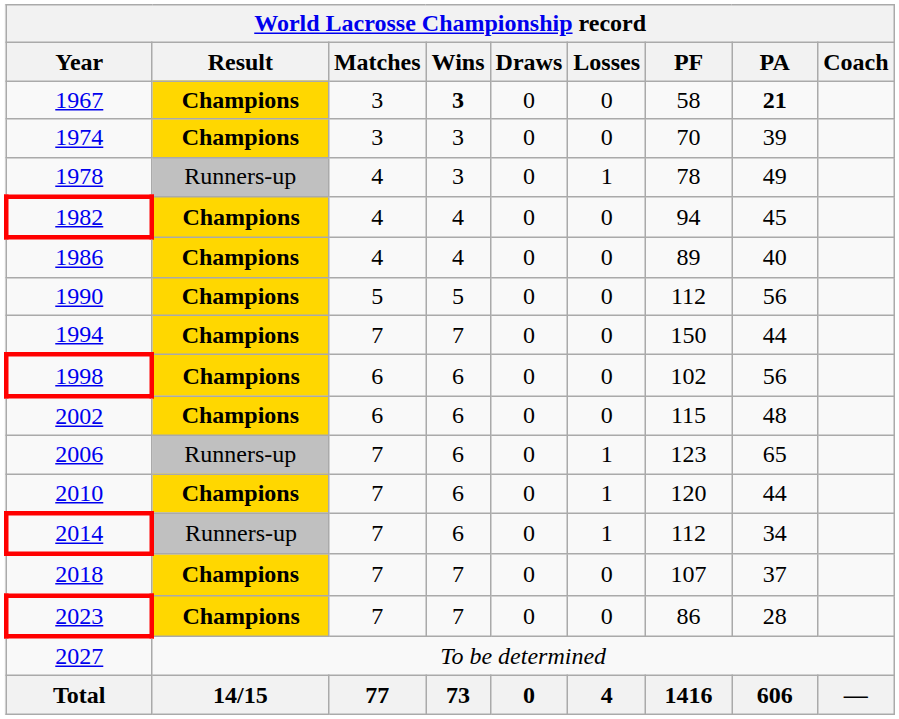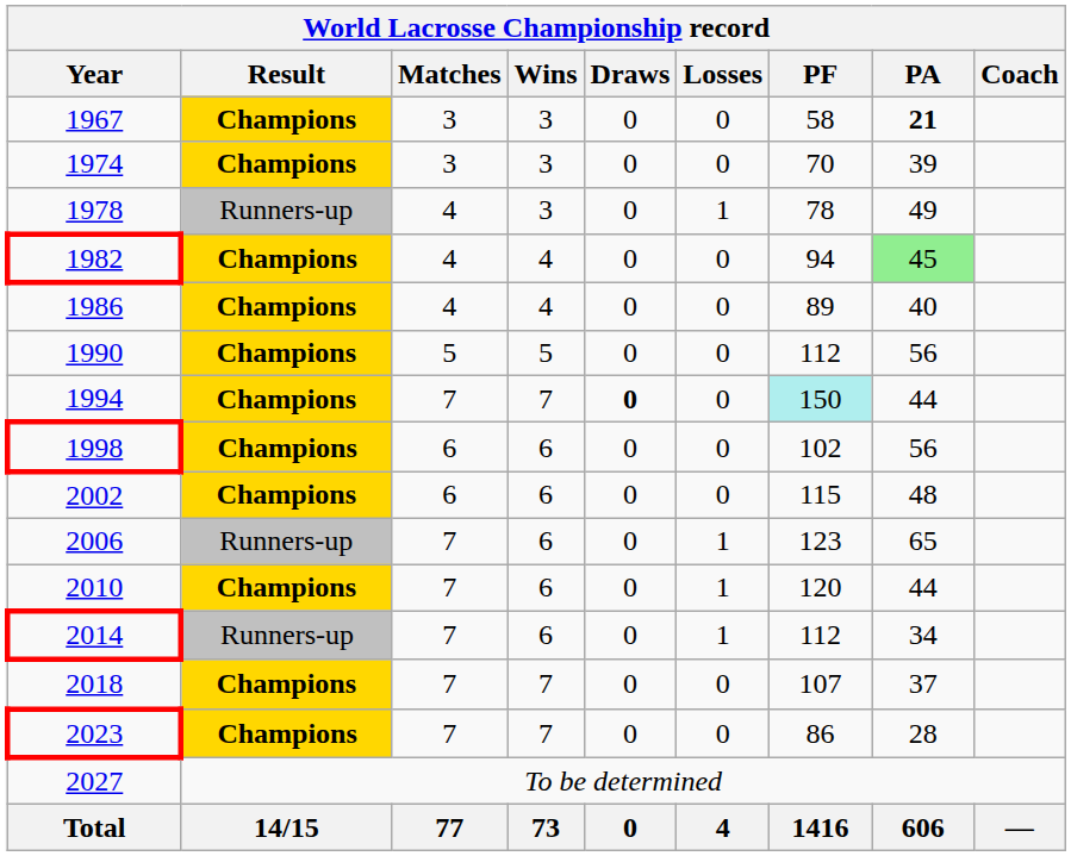 <table class="wikitable"  style="text-align:center;">
 <tr>
 <th colspan=9><strong><a href='#'>World Lacrosse Championship</a> record</strong></th>
 </tr>
 <tr>
 <th width=90>Year</th>
 <th width=110>Result</th>
 <th>Matches</th>
 <th>Wins</th>
 <th>Draws</th>
 <th>Losses</th>
 <th width=50>PF</th>
 <th width=50>PA</th>
 <th>Coach</th>
 </tr>
 <tr>
 <td> <a href='#'>1967</a></td>
 <td style="background:gold;"><strong>Champions</strong></td>
 <td>3</td>
-<td><strong>3</strong></td>
+<td>3</td>
 <td>0</td>
 <td>0</td>
 <td>58</td>
 <td><strong>21</strong></td>
 <td></td>
 </tr>
 <tr>
 <td> <a href='#'>1974</a></td>
 <td style="background:gold;"><strong>Champions</strong></td>
 <td>3</td>
 <td>3</td>
 <td>0</td>
 <td>0</td>
 <td>70</td>
 <td>39</td>
 <td></td>
 </tr>
 <tr>
 <td> <a href='#'>1978</a></td>
 <td style="background:silver;">Runners-up</td>
 <td>4</td>
 <td>3</td>
 <td>0</td>
 <td>1</td>
 <td>78</td>
 <td>49</td>
 <td></td>
 </tr>
 <tr>
 <td style="border: 3px solid red"> <a href='#'>1982</a></td>
 <td style="background:gold;"><strong>Champions</strong></td>
 <td>4</td>
 <td>4</td>
 <td>0</td>
 <td>0</td>
 <td>94</td>
-<td>45</td>
+<td style="background: lightgreen;">45</td>
 <td></td>
 </tr>
 <tr>
 <td> <a href='#'>1986</a></td>
 <td style="background:gold;"><strong>Champions</strong></td>
 <td>4</td>
 <td>4</td>
 <td>0</td>
 <td>0</td>
 <td>89</td>
 <td>40</td>
 <td></td>
 </tr>
 <tr>
 <td> <a href='#'>1990</a></td>
 <td style="background:gold;"><strong>Champions</strong></td>
 <td>5</td>
 <td>5</td>
 <td>0</td>
 <td>0</td>
 <td>112</td>
 <td>56</td>
 <td></td>
 </tr>
 <tr>
 <td> <a href='#'>1994</a></td>
 <td style="background:gold;"><strong>Champions</strong></td>
 <td>7</td>
 <td>7</td>
+<td><strong>0</strong></td>
 <td>0</td>
-<td>0</td>
-<td>150</td>
+<td style="background: paleturquoise;">150</td>
 <td>44</td>
 <td></td>
 </tr>
 <tr>
 <td style="border: 3px solid red"> <a href='#'>1998</a></td>
 <td style="background:gold;"><strong>Champions</strong></td>
 <td>6</td>
 <td>6</td>
 <td>0</td>
 <td>0</td>
 <td>102</td>
 <td>56</td>
 <td></td>
 </tr>
 <tr>
 <td> <a href='#'>2002</a></td>
 <td style="background:gold;"><strong>Champions</strong></td>
 <td>6</td>
 <td>6</td>
 <td>0</td>
 <td>0</td>
 <td>115</td>
 <td>48</td>
 <td></td>
 </tr>
 <tr>
 <td> <a href='#'>2006</a></td>
 <td style="background:silver;">Runners-up</td>
 <td>7</td>
 <td>6</td>
 <td>0</td>
 <td>1</td>
 <td>123</td>
 <td>65</td>
 <td></td>
 </tr>
 <tr>
 <td> <a href='#'>2010</a></td>
 <td style="background:gold;"><strong>Champions</strong></td>
 <td>7</td>
 <td>6</td>
 <td>0</td>
 <td>1</td>
 <td>120</td>
 <td>44</td>
 <td></td>
 </tr>
 <tr>
 <td style="border: 3px solid red"> <a href='#'>2014</a></td>
 <td style="background:silver;">Runners-up</td>
 <td>7</td>
 <td>6</td>
 <td>0</td>
 <td>1</td>
 <td>112</td>
 <td>34</td>
 <td></td>
 </tr>
 <tr>
 <td> <a href='#'>2018</a></td>
 <td style="background:gold;"><strong>Champions</strong></td>
 <td>7</td>
 <td>7</td>
 <td>0</td>
 <td>0</td>
 <td>107</td>
 <td>37</td>
 <td></td>
 </tr>
 <tr>
 <td style="border: 3px solid red"> <a href='#'>2023</a></td>
 <td style="background:gold;"><strong>Champions</strong></td>
 <td>7</td>
 <td>7</td>
 <td>0</td>
 <td>0</td>
 <td>86</td>
 <td>28</td>
 <td></td>
 </tr>
 <tr>
 <td> <a href='#'>2027</a></td>
 <td colspan=8><em>To be determined</em></td>
 </tr>
 <tr>
 <th>Total</th>
 <th>14/15</th>
 <th>77</th>
 <th>73</th>
 <th>0</th>
 <th>4</th>
 <th>1416</th>
 <th>606</th>
 <th>—</th>
 </tr>
 </table>
